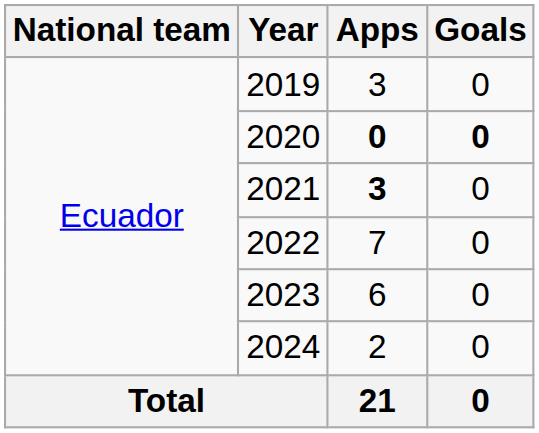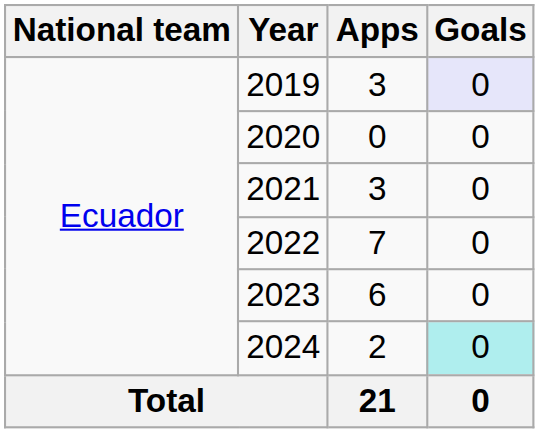 <table class="wikitable" style="text-align: center;">
 <tr>
 <th>National team</th>
 <th>Year</th>
 <th>Apps</th>
 <th>Goals</th>
 </tr>
 <tr>
 <td rowspan="6"><a href='#'>Ecuador</a></td>
 <td>2019</td>
 <td>3</td>
+<td style="background: lavender;">0</td>
+</tr>
+<tr>
+<td>2020</td>
+<td>0</td>
 <td>0</td>
 </tr>
 <tr>
-<td>2020</td>
-<td><strong>0</strong></td>
-<td><strong>0</strong></td>
-</tr>
-<tr>
 <td>2021</td>
-<td><strong>3</strong></td>
+<td>3</td>
 <td>0</td>
 </tr>
 <tr>
 <td>2022</td>
 <td>7</td>
 <td>0</td>
 </tr>
 <tr>
 <td>2023</td>
 <td>6</td>
 <td>0</td>
 </tr>
 <tr>
 <td>2024</td>
 <td>2</td>
-<td>0</td>
+<td style="background: paleturquoise;">0</td>
 </tr>
 <tr>
 <th colspan="2">Total</th>
 <th>21</th>
 <th>0</th>
 </tr>
 </table>
